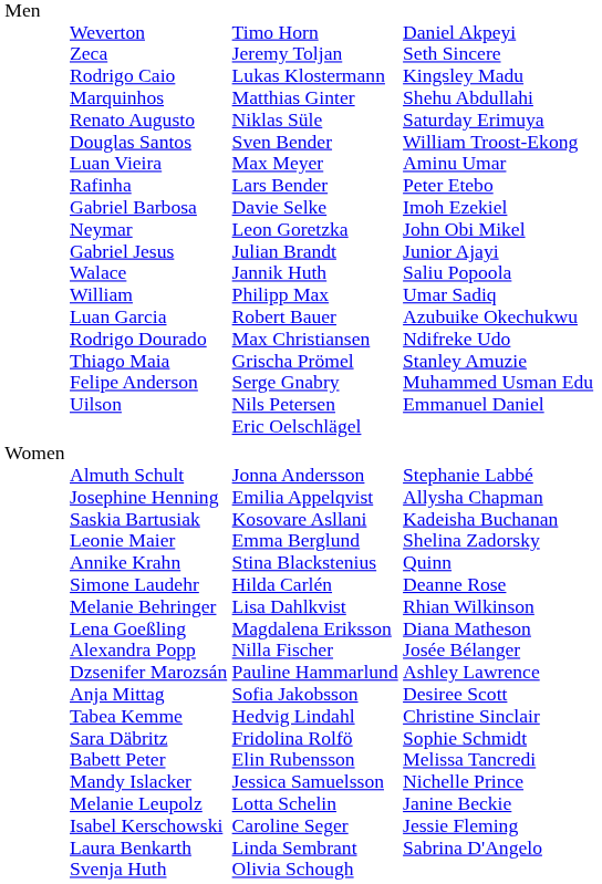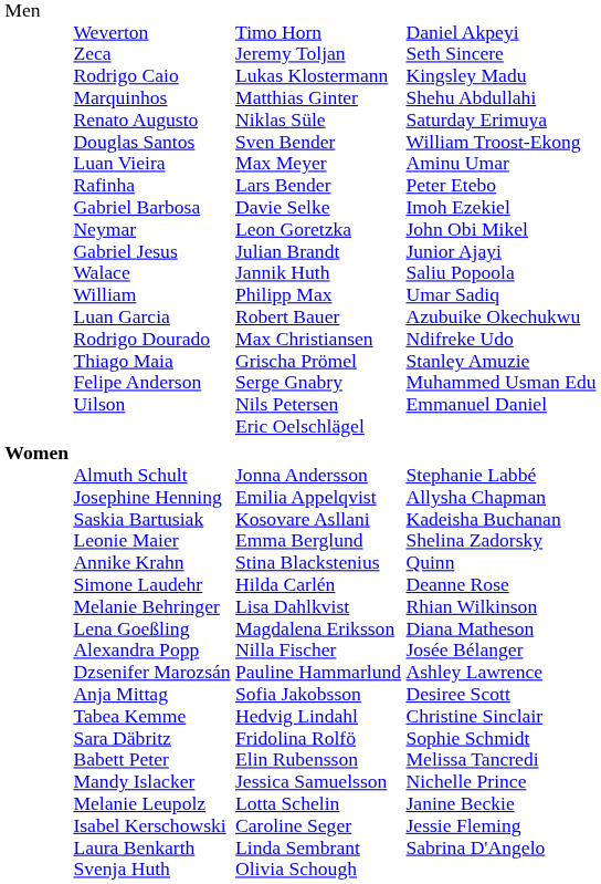 <table>
 <tr valign="top">
 <td>Men<br></td>
 <td><br><a href='#'>Weverton</a><br><a href='#'>Zeca</a><br><a href='#'>Rodrigo Caio</a><br><a href='#'>Marquinhos</a><br><a href='#'>Renato Augusto</a><br><a href='#'>Douglas Santos</a><br><a href='#'>Luan Vieira</a><br><a href='#'>Rafinha</a><br><a href='#'>Gabriel Barbosa</a><br><a href='#'>Neymar</a><br><a href='#'>Gabriel Jesus</a><br><a href='#'>Walace</a><br><a href='#'>William</a><br><a href='#'>Luan Garcia</a><br><a href='#'>Rodrigo Dourado</a><br><a href='#'>Thiago Maia</a><br><a href='#'>Felipe Anderson</a><br><a href='#'>Uilson</a><br> </td>
 <td><br><a href='#'>Timo Horn</a><br><a href='#'>Jeremy Toljan</a><br><a href='#'>Lukas Klostermann</a><br><a href='#'>Matthias Ginter</a><br><a href='#'>Niklas Süle</a><br><a href='#'>Sven Bender</a><br><a href='#'>Max Meyer</a><br><a href='#'>Lars Bender</a><br><a href='#'>Davie Selke</a><br><a href='#'>Leon Goretzka</a><br><a href='#'>Julian Brandt</a><br><a href='#'>Jannik Huth</a><br><a href='#'>Philipp Max</a><br><a href='#'>Robert Bauer</a><br><a href='#'>Max Christiansen</a><br><a href='#'>Grischa Prömel</a><br><a href='#'>Serge Gnabry</a><br><a href='#'>Nils Petersen</a><br><a href='#'>Eric Oelschlägel</a></td>
 <td><br><a href='#'>Daniel Akpeyi</a><br><a href='#'>Seth Sincere</a><br><a href='#'>Kingsley Madu</a><br><a href='#'>Shehu Abdullahi</a><br><a href='#'>Saturday Erimuya</a><br><a href='#'>William Troost-Ekong</a><br><a href='#'>Aminu Umar</a><br><a href='#'>Peter Etebo</a><br><a href='#'>Imoh Ezekiel</a><br><a href='#'>John Obi Mikel</a><br><a href='#'>Junior Ajayi</a><br><a href='#'>Saliu Popoola</a><br><a href='#'>Umar Sadiq</a><br><a href='#'>Azubuike Okechukwu</a><br><a href='#'>Ndifreke Udo</a><br><a href='#'>Stanley Amuzie</a><br><a href='#'>Muhammed Usman Edu</a><br><a href='#'>Emmanuel Daniel</a><br> </td>
 </tr>
 <tr valign="top">
-<td>Women<br></td>
+<td><strong>Women<br></strong></td>
 <td><br><a href='#'>Almuth Schult</a><br><a href='#'>Josephine Henning</a><br><a href='#'>Saskia Bartusiak</a><br><a href='#'>Leonie Maier</a><br><a href='#'>Annike Krahn</a><br><a href='#'>Simone Laudehr</a><br><a href='#'>Melanie Behringer</a><br><a href='#'>Lena Goeßling</a><br><a href='#'>Alexandra Popp</a><br><a href='#'>Dzsenifer Marozsán</a><br><a href='#'>Anja Mittag</a><br><a href='#'>Tabea Kemme</a><br><a href='#'>Sara Däbritz</a><br><a href='#'>Babett Peter</a><br><a href='#'>Mandy Islacker</a><br><a href='#'>Melanie Leupolz</a><br><a href='#'>Isabel Kerschowski</a><br><a href='#'>Laura Benkarth</a><br><a href='#'>Svenja Huth</a></td>
 <td><br><a href='#'>Jonna Andersson</a><br><a href='#'>Emilia Appelqvist</a><br><a href='#'>Kosovare Asllani</a><br><a href='#'>Emma Berglund</a><br><a href='#'>Stina Blackstenius</a><br><a href='#'>Hilda Carlén</a><br><a href='#'>Lisa Dahlkvist</a><br><a href='#'>Magdalena Eriksson</a><br><a href='#'>Nilla Fischer</a><br><a href='#'>Pauline Hammarlund</a><br><a href='#'>Sofia Jakobsson</a><br><a href='#'>Hedvig Lindahl</a><br><a href='#'>Fridolina Rolfö</a><br><a href='#'>Elin Rubensson</a><br><a href='#'>Jessica Samuelsson</a><br><a href='#'>Lotta Schelin</a><br><a href='#'>Caroline Seger</a><br><a href='#'>Linda Sembrant</a><br><a href='#'>Olivia Schough</a></td>
 <td><br><a href='#'>Stephanie Labbé</a><br><a href='#'>Allysha Chapman</a><br><a href='#'>Kadeisha Buchanan</a><br><a href='#'>Shelina Zadorsky</a><br><a href='#'>Quinn</a><br><a href='#'>Deanne Rose</a><br><a href='#'>Rhian Wilkinson</a><br><a href='#'>Diana Matheson</a><br><a href='#'>Josée Bélanger</a><br><a href='#'>Ashley Lawrence</a><br><a href='#'>Desiree Scott</a><br><a href='#'>Christine Sinclair</a><br><a href='#'>Sophie Schmidt</a><br><a href='#'>Melissa Tancredi</a><br><a href='#'>Nichelle Prince</a><br><a href='#'>Janine Beckie</a><br><a href='#'>Jessie Fleming</a><br><a href='#'>Sabrina D'Angelo</a><br> </td>
 </tr>
 </table>
